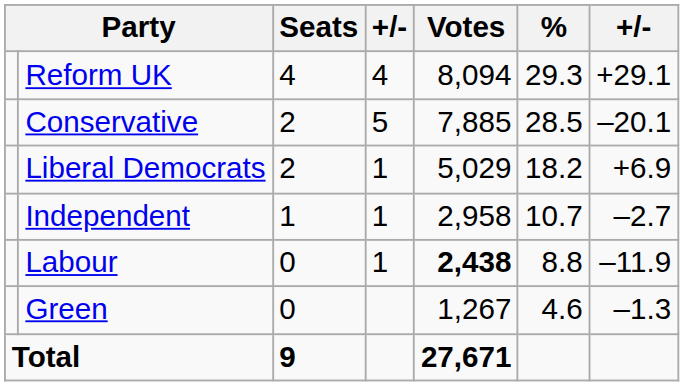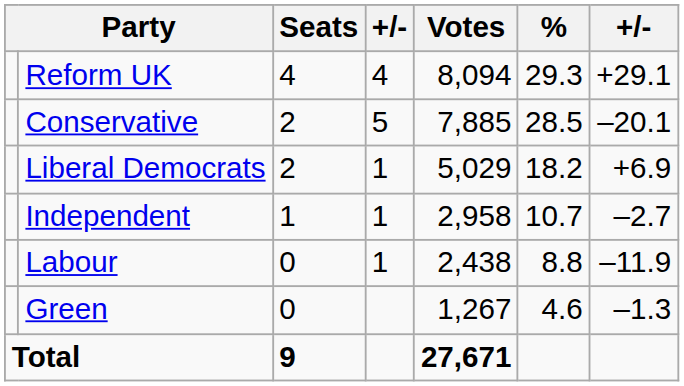 <table class="wikitable sortable">
 <tr>
 <th colspan="2">Party</th>
 <th>Seats</th>
 <th>+/-</th>
 <th>Votes</th>
 <th>%</th>
 <th>+/-</th>
 </tr>
 <tr>
 <td style="background-color: "></td>
 <td><a href='#'>Reform UK</a></td>
 <td>4</td>
 <td> 4</td>
 <td style="text-align:right;">8,094</td>
 <td style="text-align:right;">29.3</td>
 <td style="text-align:right;">+29.1</td>
 </tr>
 <tr>
 <td style="background-color: "></td>
 <td><a href='#'>Conservative</a></td>
 <td>2</td>
 <td> 5</td>
 <td style="text-align:right;">7,885</td>
 <td style="text-align:right;">28.5</td>
 <td style="text-align:right;">–20.1</td>
 </tr>
 <tr>
 <td style="background-color: "></td>
 <td><a href='#'>Liberal Democrats</a></td>
 <td>2</td>
 <td> 1</td>
 <td style="text-align:right;">5,029</td>
 <td style="text-align:right;">18.2</td>
 <td style="text-align:right;">+6.9</td>
 </tr>
 <tr>
 <td style="background-color: "></td>
 <td><a href='#'>Independent</a></td>
 <td>1</td>
 <td> 1</td>
 <td style="text-align:right;">2,958</td>
 <td style="text-align:right;">10.7</td>
 <td style="text-align:right;">–2.7</td>
 </tr>
 <tr>
 <td style="background-color: "></td>
 <td><a href='#'>Labour</a></td>
 <td>0</td>
 <td> 1</td>
-<td style="text-align:right;"><strong>2,438</strong></td>
+<td style="text-align:right;">2,438</td>
 <td style="text-align:right;">8.8</td>
 <td style="text-align:right;">–11.9</td>
 </tr>
 <tr>
 <td style="background-color: "></td>
 <td><a href='#'>Green</a></td>
 <td>0</td>
 <td></td>
 <td style="text-align:right;">1,267</td>
 <td style="text-align:right;">4.6</td>
 <td style="text-align:right;">–1.3</td>
 </tr>
 <tr>
 <td colspan="2"><strong>Total</strong></td>
 <td><strong>9</strong></td>
 <td></td>
 <td style="text-align:right;"><strong>27,671</strong></td>
 <td style="text-align:right;"></td>
 <td style="text-align:right;"></td>
 </tr>
 </table>
